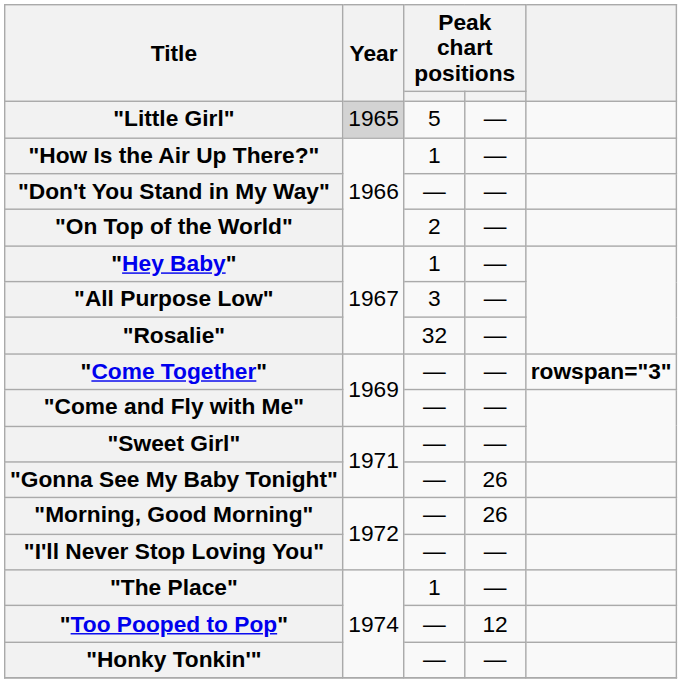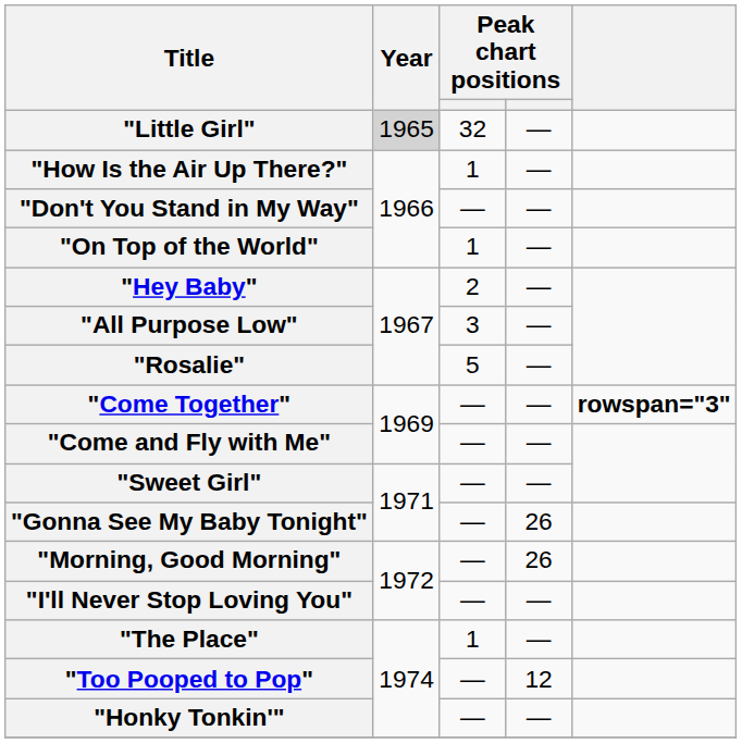 <table class="wikitable plainrowheaders" style="text-align:center;">
 <tr>
 <th scope="col" rowspan="2">Title</th>
 <th scope="col" rowspan="2">Year</th>
 <th scope="col" colspan="2">Peak chart positions</th>
 <th scope="col" rowspan="2"></th>
 </tr>
 <tr>
 <th scope="col" style="width:2.5em; font-size:90%"><a href='#'></a></th>
 <th scope="col" style="width:2.5em; font-size:90%"><a href='#'></a></th>
 </tr>
 <tr>
 <th scope="row">"Little Girl"</th>
 <td style="background: lightgrey;">1965</td>
-<td>5</td>
+<td>32</td>
 <td>—</td>
 <td></td>
 </tr>
 <tr>
 <th scope="row">"How Is the Air Up There?"</th>
 <td rowspan="3">1966</td>
 <td>1</td>
 <td>—</td>
 <td></td>
 </tr>
 <tr>
 <th scope="row">"Don't You Stand in My Way"</th>
 <td>—</td>
 <td>—</td>
 <td></td>
 </tr>
 <tr>
 <th scope="row">"On Top of the World"</th>
-<td>2</td>
+<td>1</td>
 <td>—</td>
 <td></td>
 </tr>
 <tr>
 <th scope="row">"<a href='#'>Hey Baby</a>"</th>
 <td rowspan="3">1967</td>
-<td>1</td>
+<td>2</td>
 <td>—</td>
 <td rowspan="3"></td>
 </tr>
 <tr>
 <th scope="row">"All Purpose Low"</th>
 <td>3</td>
 <td>—</td>
 </tr>
 <tr>
 <th scope="row">"Rosalie"</th>
-<td>32</td>
+<td>5</td>
 <td>—</td>
 </tr>
 <tr>
 <th scope="row">"<a href='#'>Come Together</a>"</th>
 <td rowspan="2">1969</td>
 <td>—</td>
 <td>—</td>
 <td><strong>rowspan="3" </strong></td>
 </tr>
 <tr>
 <th scope="row">"Come and Fly with Me"</th>
 <td>—</td>
 <td>—</td>
 </tr>
 <tr>
 <th scope="row">"Sweet Girl"</th>
 <td rowspan="2">1971</td>
 <td>—</td>
 <td>—</td>
 </tr>
 <tr>
 <th scope="row">"Gonna See My Baby Tonight"</th>
 <td>—</td>
 <td>26</td>
 <td></td>
 </tr>
 <tr>
 <th scope="row">"Morning, Good Morning"</th>
 <td rowspan="2">1972</td>
 <td>—</td>
 <td>26</td>
 <td></td>
 </tr>
 <tr>
 <th scope="row">"I'll Never Stop Loving You"</th>
 <td>—</td>
 <td>—</td>
 <td></td>
 </tr>
 <tr>
 <th scope="row">"The Place"</th>
 <td rowspan="3">1974</td>
 <td>1</td>
 <td>—</td>
 <td></td>
 </tr>
 <tr>
 <th scope="row">"<a href='#'>Too Pooped to Pop</a>"</th>
 <td>—</td>
 <td>12</td>
 <td></td>
 </tr>
 <tr>
 <th scope="row">"Honky Tonkin'"</th>
 <td>—</td>
 <td>—</td>
 <td></td>
 </tr>
 <tr>
 </tr>
 </table>
